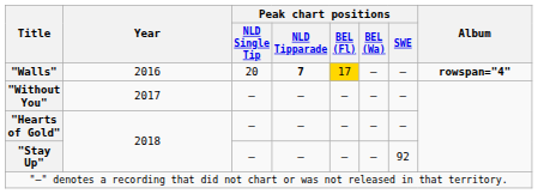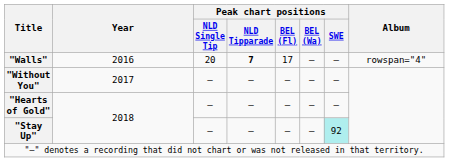 <table class="wikitable plainrowheaders" style="text-align:center;">
 <tr>
 <th scope="col" rowspan="2" style="width:1em;">Title</th>
 <th scope="col" rowspan="2" style="width:15em;">Year</th>
 <th scope="col" colspan="5">Peak chart positions</th>
 <th scope="col" rowspan="2" style="width:10em;">Album</th>
 </tr>
 <tr>
 <th scope="col" style="width:2.5em;font-size:90%;"><a href='#'>NLD<br>Single<br>Tip</a><br></th>
 <th scope="col" style="width:2.5em;font-size:90%;"><a href='#'>NLD<br>Tipparade</a><br></th>
 <th scope="col" style="width:2.5em;font-size:90%;"><a href='#'>BEL (Fl)</a><br></th>
 <th scope="col" style="width:2.5em;font-size:90%;"><a href='#'>BEL (Wa)</a><br></th>
 <th scope="col" style="width:2.5em;font-size:90%;"><a href='#'>SWE</a><br></th>
 </tr>
 <tr>
 <th scope="row">"Walls"</th>
 <td>2016</td>
 <td>20</td>
 <td><strong>7</strong></td>
-<td style="background: gold;">17</td>
+<td>17</td>
 <td>—</td>
 <td>—</td>
-<td><strong>rowspan="4" </strong></td>
+<td>rowspan="4" </td>
 </tr>
 <tr>
 <th scope="row">"Without You"</th>
 <td>2017</td>
 <td>—</td>
 <td>—</td>
 <td>—</td>
 <td>—</td>
 <td>—</td>
 </tr>
 <tr>
 <th scope="row">"Hearts of Gold"</th>
 <td rowspan="2">2018</td>
 <td>—</td>
 <td>—</td>
 <td>—</td>
 <td>—</td>
 <td>—</td>
 </tr>
 <tr>
 <th scope="row">"Stay Up"</th>
 <td>—</td>
 <td>—</td>
 <td>—</td>
 <td>—</td>
-<td>92</td>
+<td style="background: paleturquoise;">92</td>
 </tr>
 <tr>
 <td colspan="17" style="font-size:90%">"—" denotes a recording that did not chart or was not released in that territory.</td>
 </tr>
 </table>
